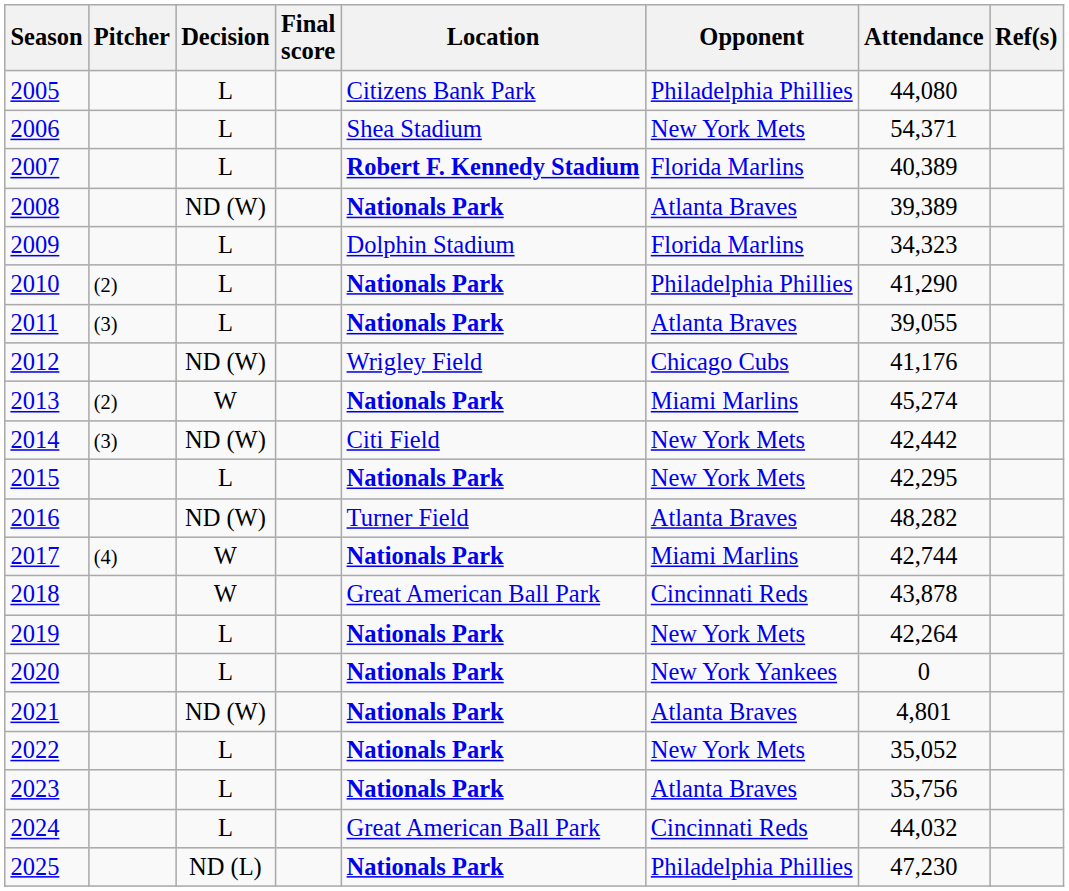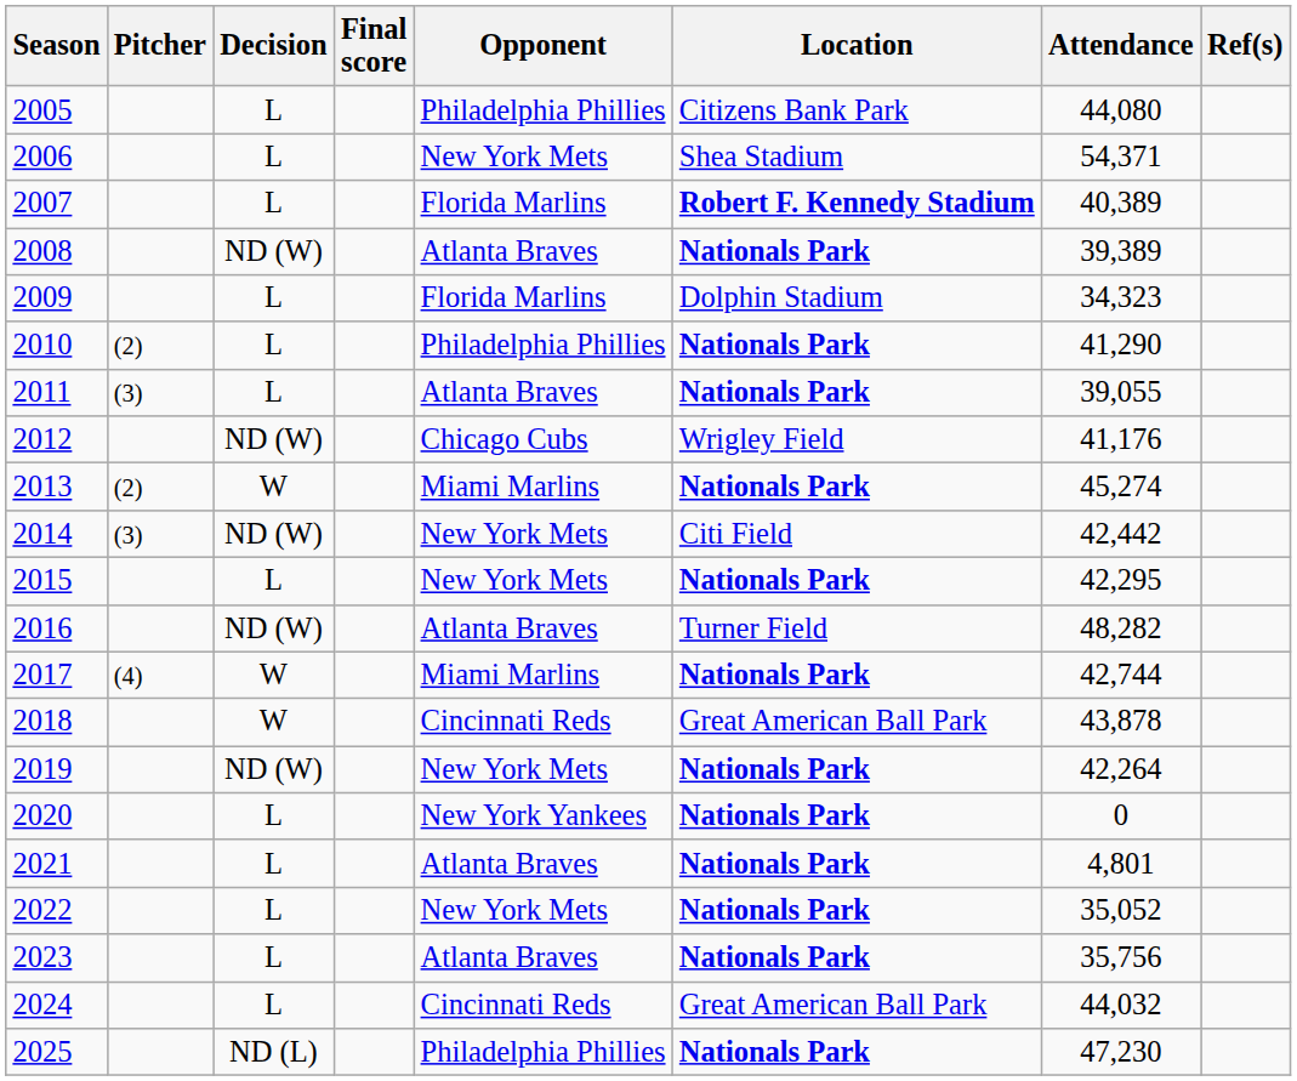 <table class="wikitable sortable plainrowheaders">
 <tr>
 <th scope="col">Season</th>
 <th scope="col">Pitcher</th>
 <th scope="col">Decision</th>
 <th scope="col">Final<br>score</th>
+<th scope="col">Opponent</th>
 <th scope="col">Location</th>
-<th scope="col">Opponent</th>
 <th scope="col">Attendance</th>
 <th class="unsortable">Ref(s)</th>
 </tr>
 <tr>
 <td><a href='#'>2005</a></td>
 <td></td>
 <td align="center">L</td>
 <td align="center"></td>
+<td><a href='#'>Philadelphia Phillies</a></td>
 <td><a href='#'>Citizens Bank Park</a></td>
-<td><a href='#'>Philadelphia Phillies</a></td>
 <td align="center">44,080</td>
 <td align="center"></td>
 </tr>
 <tr>
 <td><a href='#'>2006</a></td>
 <td> </td>
 <td align="center">L</td>
 <td align="center"></td>
+<td><a href='#'>New York Mets</a></td>
 <td><a href='#'>Shea Stadium</a></td>
-<td><a href='#'>New York Mets</a></td>
 <td align="center">54,371</td>
 <td align="center"></td>
 </tr>
 <tr>
 <td><a href='#'>2007</a></td>
 <td></td>
 <td align="center">L</td>
 <td align="center"></td>
+<td><a href='#'>Florida Marlins</a></td>
 <td><strong><a href='#'>Robert F. Kennedy Stadium</a></strong></td>
-<td><a href='#'>Florida Marlins</a></td>
 <td align="center">40,389</td>
 <td align="center"></td>
 </tr>
 <tr>
 <td><a href='#'>2008</a></td>
 <td></td>
 <td align="center">ND (W)</td>
 <td align="center"></td>
+<td><a href='#'>Atlanta Braves</a></td>
 <td><strong><a href='#'>Nationals Park</a></strong></td>
-<td><a href='#'>Atlanta Braves</a></td>
 <td align="center">39,389</td>
 <td align="center"></td>
 </tr>
 <tr>
 <td><a href='#'>2009</a></td>
 <td></td>
 <td align="center">L</td>
 <td align="center"></td>
+<td><a href='#'>Florida Marlins</a></td>
 <td><a href='#'>Dolphin Stadium</a></td>
-<td><a href='#'>Florida Marlins</a></td>
 <td align="center">34,323</td>
 <td align="center"></td>
 </tr>
 <tr>
 <td><a href='#'>2010</a></td>
 <td> <small>(2)</small></td>
 <td align="center">L</td>
 <td align="center"></td>
+<td><a href='#'>Philadelphia Phillies</a></td>
 <td><strong><a href='#'>Nationals Park</a></strong></td>
-<td><a href='#'>Philadelphia Phillies</a></td>
 <td align="center">41,290</td>
 <td align="center"></td>
 </tr>
 <tr>
 <td><a href='#'>2011</a></td>
 <td> <small>(3)</small></td>
 <td align="center">L</td>
 <td align="center"></td>
+<td><a href='#'>Atlanta Braves</a></td>
 <td><strong><a href='#'>Nationals Park</a></strong></td>
-<td><a href='#'>Atlanta Braves</a></td>
 <td align="center">39,055</td>
 <td align="center"></td>
 </tr>
 <tr>
 <td><a href='#'>2012</a></td>
 <td></td>
 <td align="center">ND (W)</td>
 <td align="center"></td>
+<td><a href='#'>Chicago Cubs</a></td>
 <td><a href='#'>Wrigley Field</a></td>
-<td><a href='#'>Chicago Cubs</a></td>
 <td align="center">41,176</td>
 <td align="center"></td>
 </tr>
 <tr>
 <td><a href='#'>2013</a></td>
 <td> <small>(2)</small></td>
 <td align="center">W</td>
 <td align="center"></td>
+<td><a href='#'>Miami Marlins</a></td>
 <td><strong><a href='#'>Nationals Park</a></strong></td>
-<td><a href='#'>Miami Marlins</a></td>
 <td align="center">45,274</td>
 <td align="center"></td>
 </tr>
 <tr>
 <td><a href='#'>2014</a></td>
 <td> <small>(3)</small></td>
 <td align="center">ND (W)</td>
 <td align="center"></td>
+<td><a href='#'>New York Mets</a></td>
 <td><a href='#'>Citi Field</a></td>
-<td><a href='#'>New York Mets</a></td>
 <td align="center">42,442</td>
 <td align="center"></td>
 </tr>
 <tr>
 <td><a href='#'>2015</a></td>
 <td></td>
 <td align="center">L</td>
 <td align="center"></td>
+<td><a href='#'>New York Mets</a></td>
 <td><strong><a href='#'>Nationals Park</a></strong></td>
-<td><a href='#'>New York Mets</a></td>
 <td align="center">42,295</td>
 <td align="center"></td>
 </tr>
 <tr>
 <td><a href='#'>2016</a></td>
 <td> </td>
 <td align="center">ND (W)</td>
 <td align="center"></td>
+<td><a href='#'>Atlanta Braves</a></td>
 <td><a href='#'>Turner Field</a></td>
-<td><a href='#'>Atlanta Braves</a></td>
 <td align="center">48,282</td>
 <td align="center"></td>
 </tr>
 <tr>
 <td><a href='#'>2017</a></td>
 <td> <small>(4)</small></td>
 <td align="center">W</td>
 <td align="center"></td>
+<td><a href='#'>Miami Marlins</a></td>
 <td><strong><a href='#'>Nationals Park</a></strong></td>
-<td><a href='#'>Miami Marlins</a></td>
 <td align="center">42,744</td>
 <td align="center"></td>
 </tr>
 <tr>
 <td><a href='#'>2018</a></td>
 <td> </td>
 <td align="center">W</td>
 <td align="center"></td>
+<td><a href='#'>Cincinnati Reds</a></td>
 <td><a href='#'>Great American Ball Park</a></td>
-<td><a href='#'>Cincinnati Reds</a></td>
 <td align="center">43,878</td>
 <td align="center"></td>
 </tr>
 <tr>
 <td><a href='#'>2019</a></td>
 <td> </td>
-<td align="center">L</td>
+<td align="center">ND (W)</td>
 <td align="center"></td>
+<td><a href='#'>New York Mets</a></td>
 <td><strong><a href='#'>Nationals Park</a></strong></td>
-<td><a href='#'>New York Mets</a></td>
 <td align="center">42,264</td>
 <td align="center"></td>
 </tr>
 <tr>
 <td><a href='#'>2020</a></td>
 <td> </td>
 <td align="center">L</td>
 <td align="center"></td>
+<td><a href='#'>New York Yankees</a></td>
 <td><strong><a href='#'>Nationals Park</a></strong></td>
-<td><a href='#'>New York Yankees</a></td>
 <td align="center">0</td>
 <td align="center"></td>
 </tr>
 <tr>
 <td><a href='#'>2021</a></td>
 <td> </td>
-<td align="center">ND (W)</td>
+<td align="center">L</td>
 <td align="center"></td>
+<td><a href='#'>Atlanta Braves</a></td>
 <td><strong><a href='#'>Nationals Park</a></strong></td>
-<td><a href='#'>Atlanta Braves</a></td>
 <td align="center">4,801</td>
 <td align="center"></td>
 </tr>
 <tr>
 <td><a href='#'>2022</a></td>
 <td></td>
 <td align="center">L</td>
 <td align="center"></td>
+<td><a href='#'>New York Mets</a></td>
 <td><strong><a href='#'>Nationals Park</a></strong></td>
-<td><a href='#'>New York Mets</a></td>
 <td align="center">35,052</td>
 <td align="center"></td>
 </tr>
 <tr>
 <td><a href='#'>2023</a></td>
 <td> </td>
 <td align="center">L</td>
 <td align="center"></td>
+<td><a href='#'>Atlanta Braves</a></td>
 <td><strong><a href='#'>Nationals Park</a></strong></td>
-<td><a href='#'>Atlanta Braves</a></td>
 <td align="center">35,756</td>
 <td align="center"></td>
 </tr>
 <tr>
 <td><a href='#'>2024</a></td>
 <td></td>
 <td align="center">L</td>
 <td align="center"></td>
+<td><a href='#'>Cincinnati Reds</a></td>
 <td><a href='#'>Great American Ball Park</a></td>
-<td><a href='#'>Cincinnati Reds</a></td>
 <td align="center">44,032</td>
 <td align="center"></td>
 </tr>
 <tr>
 <td><a href='#'>2025</a></td>
 <td></td>
 <td align="center">ND (L)</td>
 <td align="center"></td>
+<td><a href='#'>Philadelphia Phillies</a></td>
 <td><strong><a href='#'>Nationals Park</a></strong></td>
-<td><a href='#'>Philadelphia Phillies</a></td>
 <td align="center">47,230</td>
 <td align="center"></td>
 </tr>
 </table>
